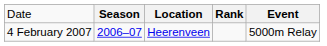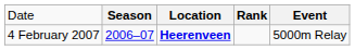 <table class="wikitable sortable" style="font-size:90%" style="text-align:center">
 <tr>
 <td>Date</td>
 <th>Season</th>
 <th>Location</th>
 <th>Rank</th>
 <th>Event</th>
 </tr>
 <tr>
 <td>4 February 2007</td>
 <td><a href='#'>2006–07</a></td>
-<td><a href='#'>Heerenveen</a></td>
+<td><strong><a href='#'>Heerenveen</a></strong></td>
 <td></td>
 <td>5000m Relay</td>
 </tr>
 </table>
